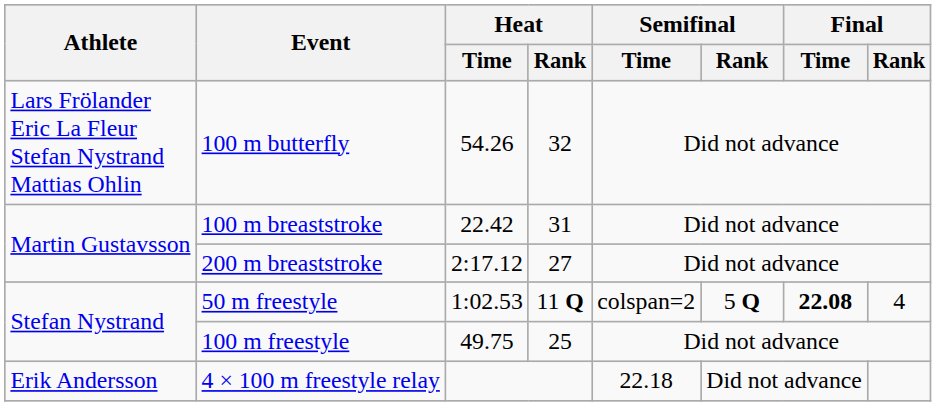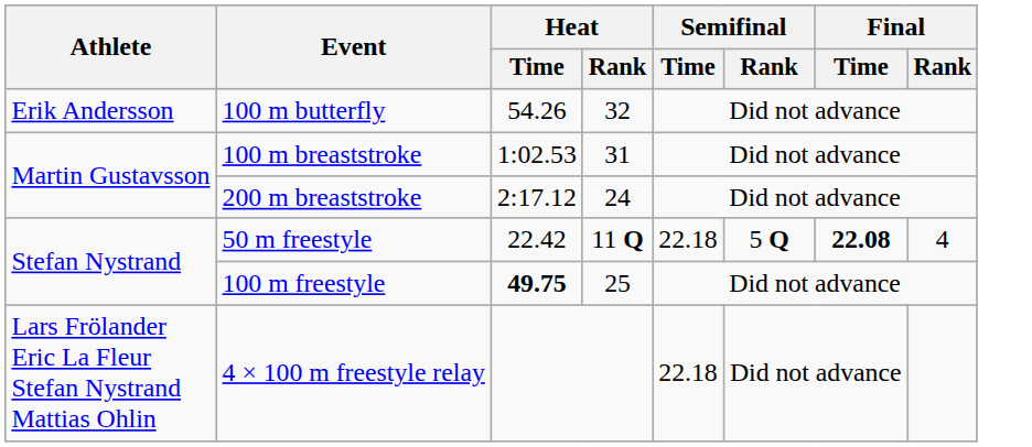 <table class=wikitable style="font-size:90%">
 <tr>
 <th rowspan="2">Athlete</th>
 <th rowspan="2">Event</th>
 <th colspan="2">Heat</th>
 <th colspan="2">Semifinal</th>
 <th colspan="2">Final</th>
 </tr>
 <tr style="font-size:95%">
 <th>Time</th>
 <th>Rank</th>
 <th>Time</th>
 <th>Rank</th>
 <th>Time</th>
 <th>Rank</th>
 </tr>
 <tr align=center>
-<td align=left><a href='#'>Lars Frölander</a><br><a href='#'>Eric La Fleur</a><br><a href='#'>Stefan Nystrand</a><br><a href='#'>Mattias Ohlin</a></td>
+<td align=left><a href='#'>Erik Andersson</a></td>
 <td align=left><a href='#'>100 m butterfly</a></td>
 <td>54.26</td>
 <td>32</td>
 <td colspan=4>Did not advance</td>
 </tr>
 <tr align=center>
 <td align=left rowspan=2><a href='#'>Martin Gustavsson</a></td>
 <td align=left><a href='#'>100 m breaststroke</a></td>
-<td>22.42</td>
+<td>1:02.53</td>
 <td>31</td>
 <td colspan=4>Did not advance</td>
 </tr>
 <tr align=center>
 <td align=left><a href='#'>200 m breaststroke</a></td>
 <td>2:17.12</td>
-<td>27</td>
+<td>24</td>
 <td colspan=4>Did not advance</td>
 </tr>
 <tr align=center>
 <td align=left rowspan=2><a href='#'>Stefan Nystrand</a></td>
 <td align=left><a href='#'>50 m freestyle</a></td>
-<td>1:02.53</td>
+<td>22.42</td>
 <td>11 <strong>Q</strong></td>
-<td>colspan=2 </td>
+<td>22.18</td>
 <td>5 <strong>Q</strong></td>
 <td><strong>22.08</strong></td>
 <td>4</td>
 </tr>
 <tr align=center>
 <td align=left><a href='#'>100 m freestyle</a></td>
-<td>49.75</td>
+<td><strong>49.75</strong></td>
 <td>25</td>
 <td colspan=4>Did not advance</td>
 </tr>
 <tr align=center>
-<td align=left><a href='#'>Erik Andersson</a></td>
+<td align=left><a href='#'>Lars Frölander</a><br><a href='#'>Eric La Fleur</a><br><a href='#'>Stefan Nystrand</a><br><a href='#'>Mattias Ohlin</a></td>
 <td align=left><a href='#'>4 × 100 m freestyle relay</a></td>
 <td colspan=2></td>
 <td>22.18</td>
 <td colspan=2>Did not advance</td>
 </tr>
 </table>
